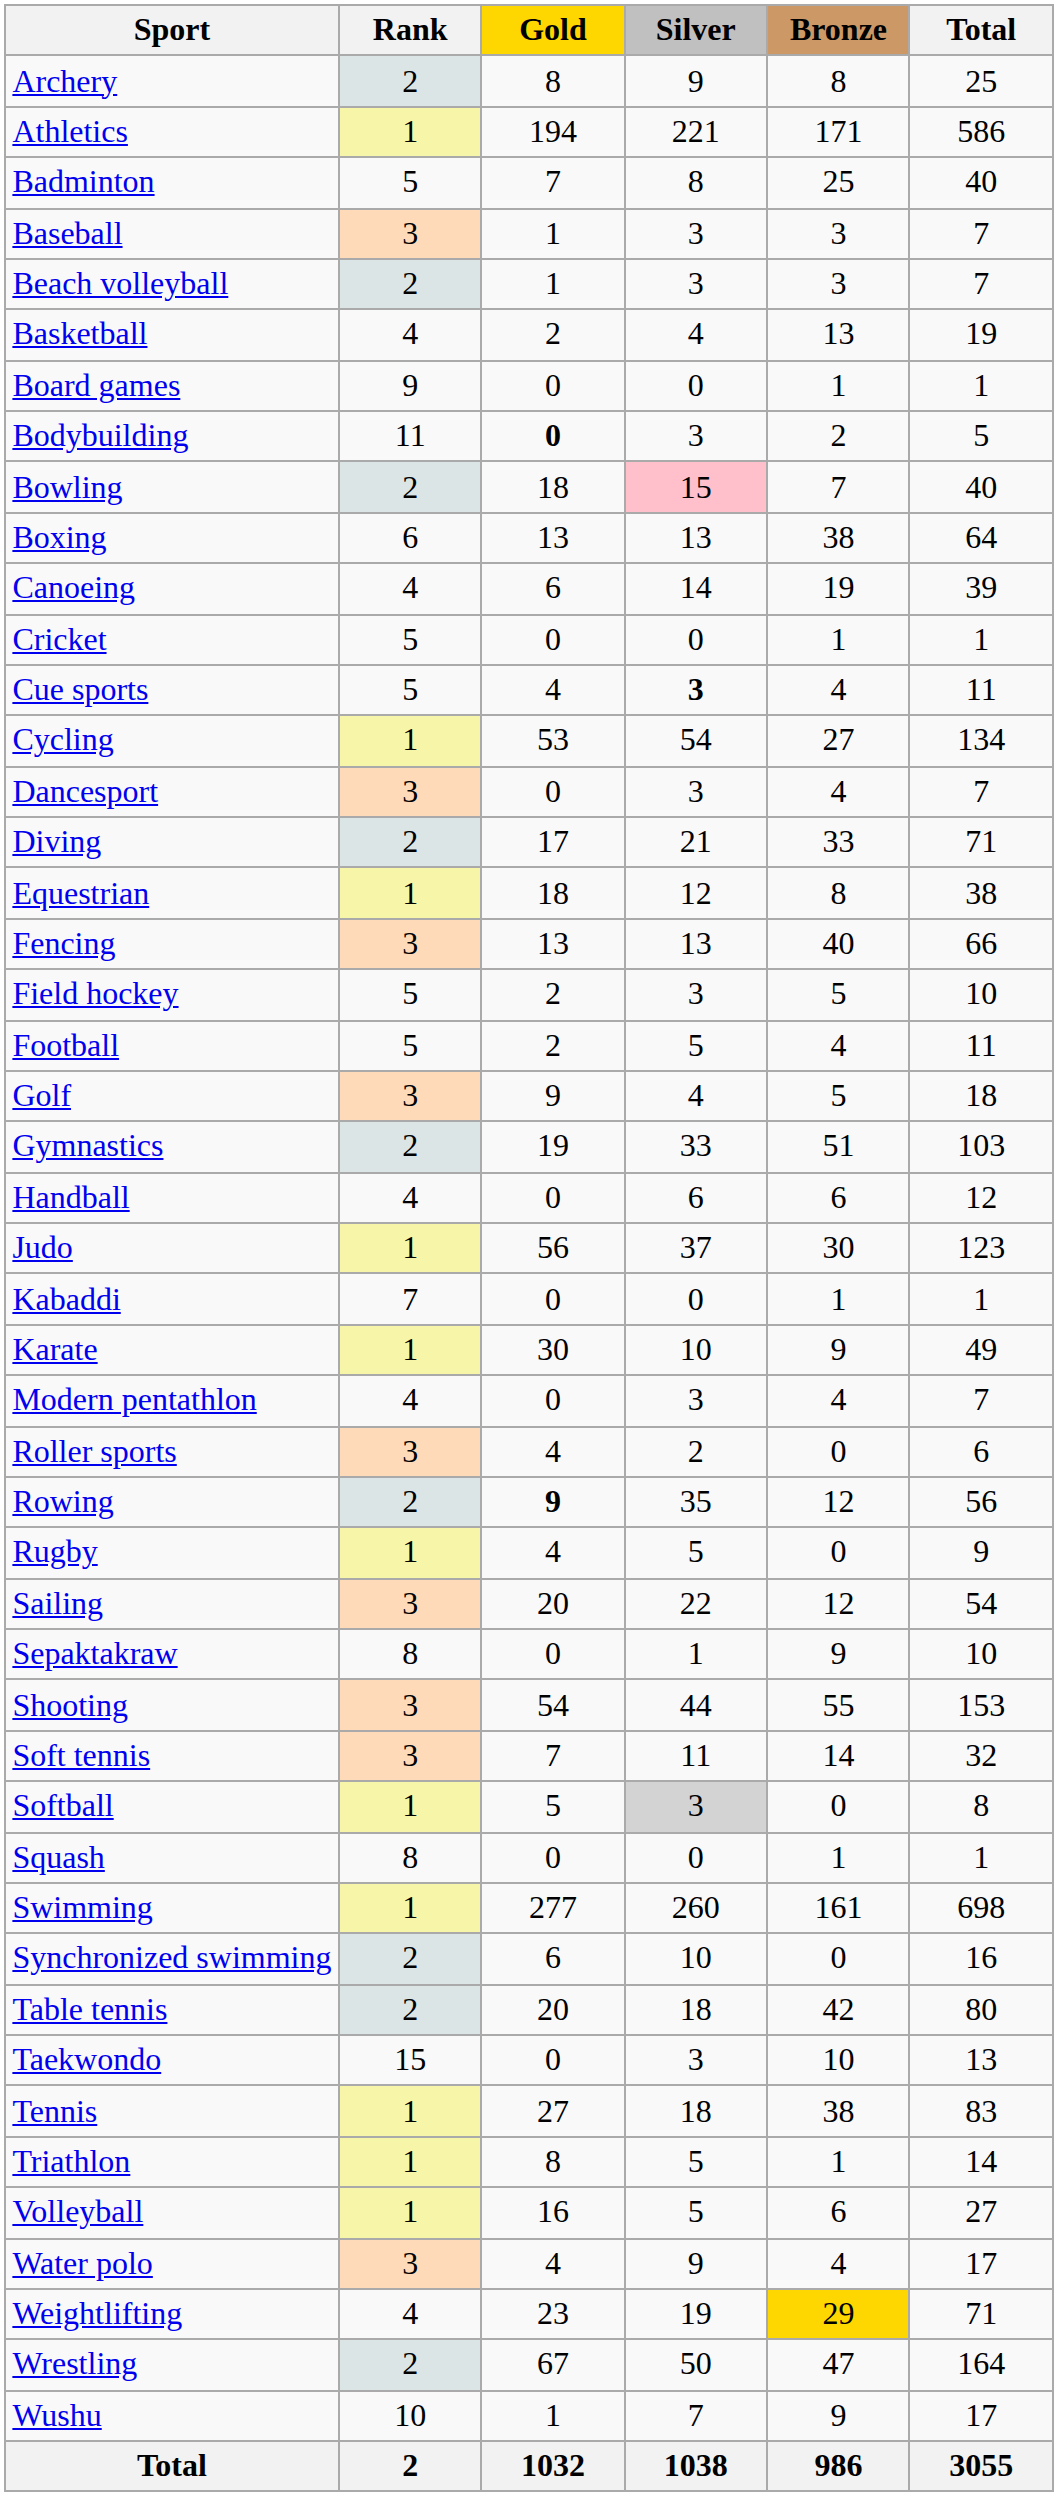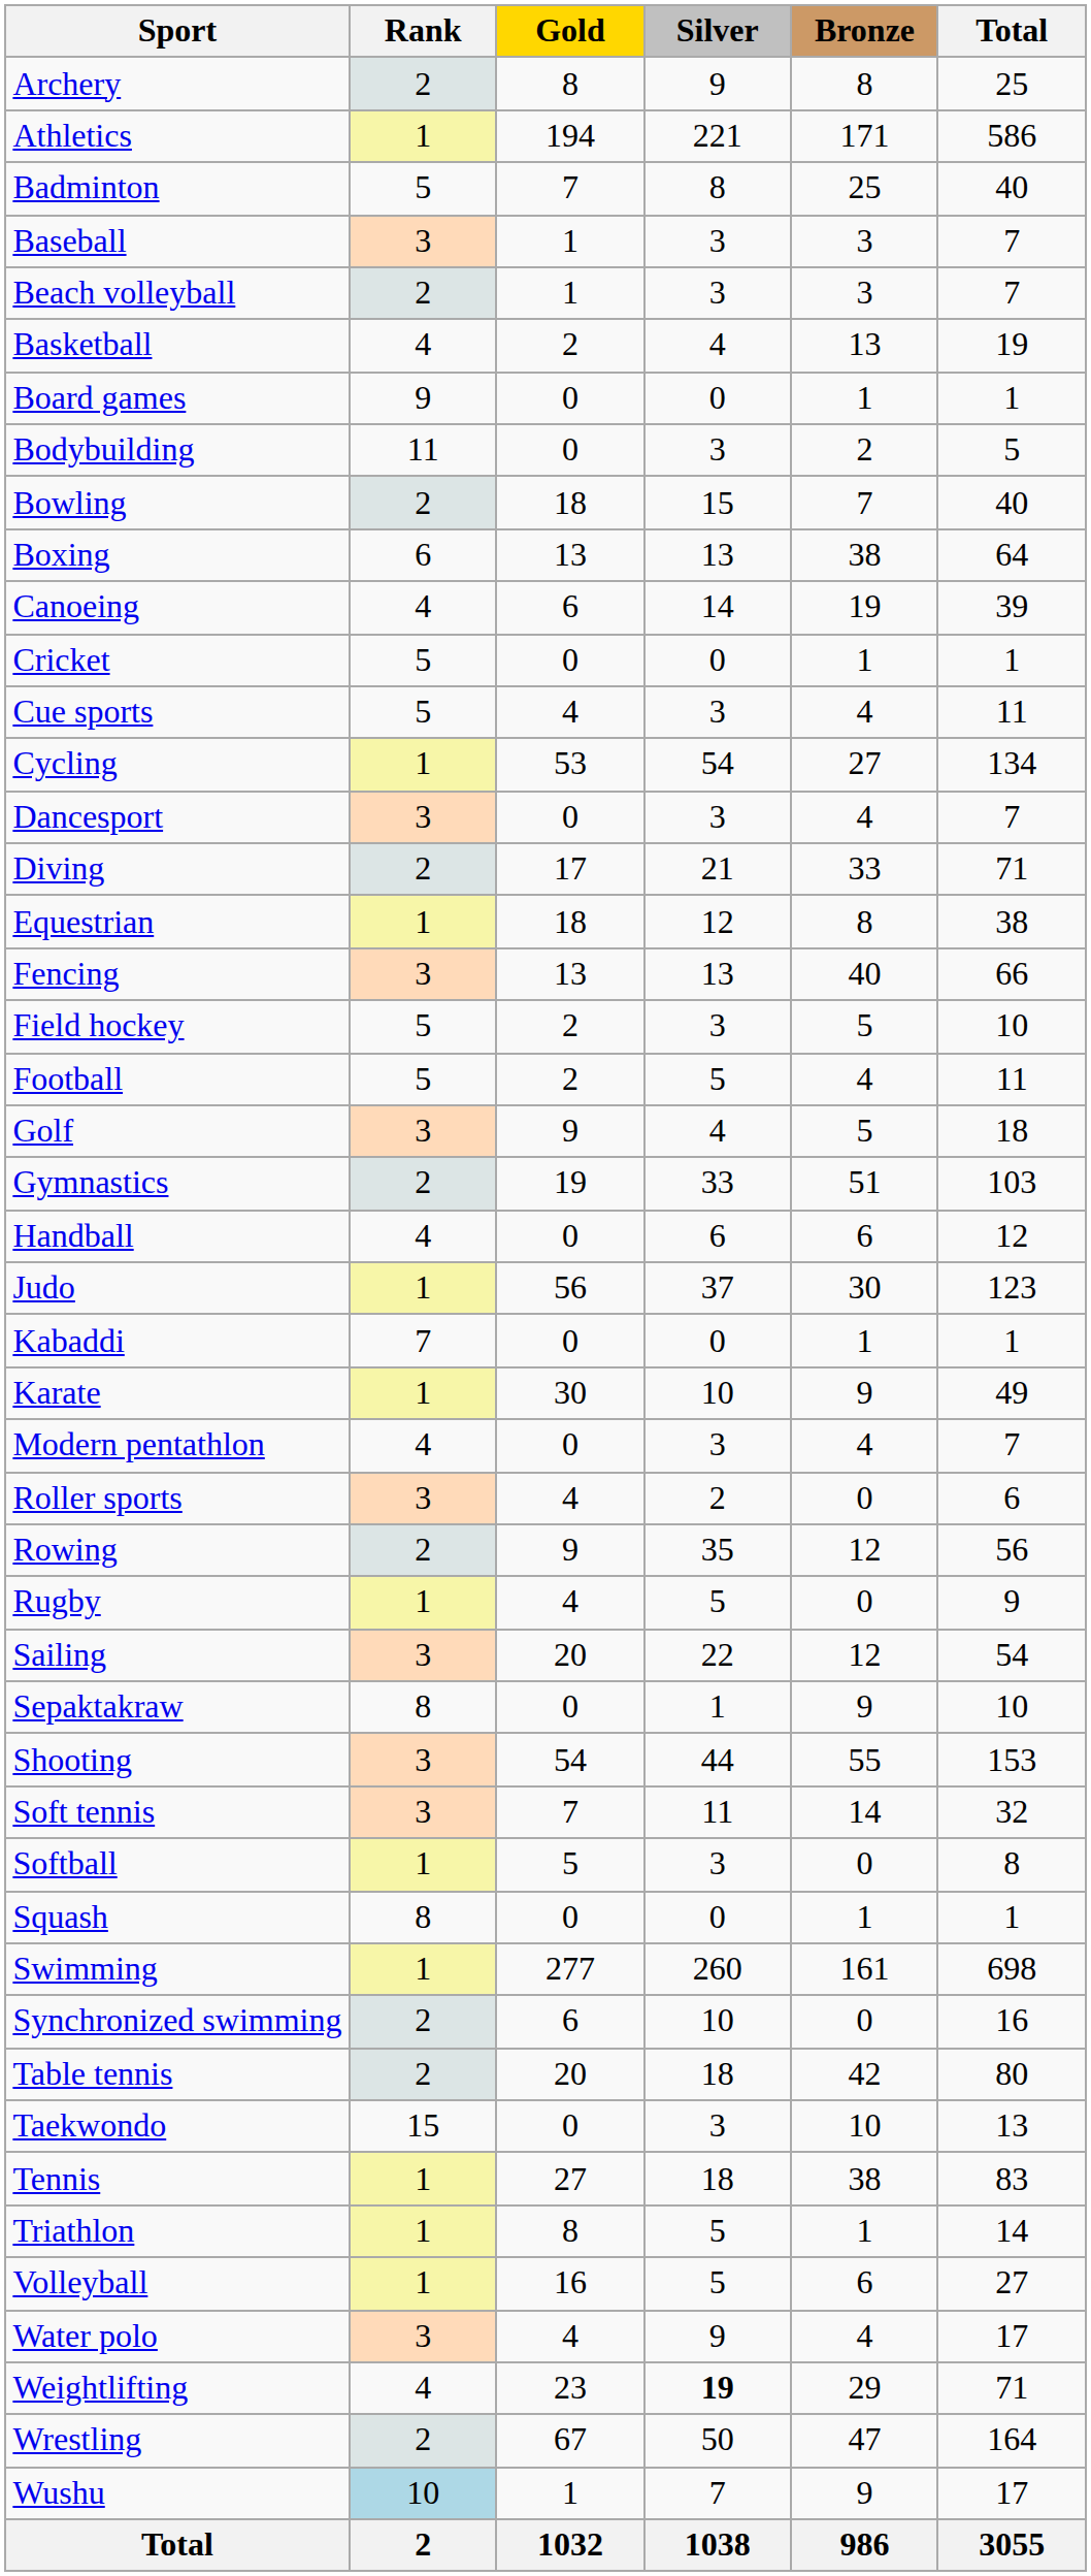 <table class="wikitable sortable" style="margin-top:0em; text-align:center; font-size:100%;">
 <tr>
 <th>Sport</th>
 <th style="width:4em;">Rank</th>
 <th style="background:gold; width:4em;"><strong>Gold</strong></th>
 <th style="background:silver; width:4em;"><strong>Silver</strong></th>
 <th style="background:#cc9966; width:4em;"><strong>Bronze</strong></th>
 <th style="width:4em;">Total</th>
 </tr>
 <tr>
 <td align=left> <a href='#'>Archery</a></td>
 <td bgcolor=dce5e5>2</td>
 <td>8</td>
 <td>9</td>
 <td>8</td>
 <td>25</td>
 </tr>
 <tr>
 <td align=left> <a href='#'>Athletics</a></td>
 <td bgcolor=f7f6a8>1</td>
 <td>194</td>
 <td>221</td>
 <td>171</td>
 <td>586</td>
 </tr>
 <tr>
 <td align=left> <a href='#'>Badminton</a></td>
 <td>5</td>
 <td>7</td>
 <td>8</td>
 <td>25</td>
 <td>40</td>
 </tr>
 <tr>
 <td align=left> <a href='#'>Baseball</a></td>
 <td bgcolor=ffdab9>3</td>
 <td>1</td>
 <td>3</td>
 <td>3</td>
 <td>7</td>
 </tr>
 <tr>
 <td align=left> <a href='#'>Beach volleyball</a></td>
 <td bgcolor=dce5e5>2</td>
 <td>1</td>
 <td>3</td>
 <td>3</td>
 <td>7</td>
 </tr>
 <tr>
 <td align=left> <a href='#'>Basketball</a></td>
 <td>4</td>
 <td>2</td>
 <td>4</td>
 <td>13</td>
 <td>19</td>
 </tr>
 <tr>
 <td align=left> <a href='#'>Board games</a></td>
 <td>9</td>
 <td>0</td>
 <td>0</td>
 <td>1</td>
 <td>1</td>
 </tr>
 <tr>
 <td align=left> <a href='#'>Bodybuilding</a></td>
 <td>11</td>
-<td><strong>0</strong></td>
+<td>0</td>
 <td>3</td>
 <td>2</td>
 <td>5</td>
 </tr>
 <tr>
 <td align=left> <a href='#'>Bowling</a></td>
 <td bgcolor=dce5e5>2</td>
 <td>18</td>
-<td style="background: pink;">15</td>
+<td>15</td>
 <td>7</td>
 <td>40</td>
 </tr>
 <tr>
 <td align=left> <a href='#'>Boxing</a></td>
 <td>6</td>
 <td>13</td>
 <td>13</td>
 <td>38</td>
 <td>64</td>
 </tr>
 <tr>
 <td align=left> <a href='#'>Canoeing</a></td>
 <td>4</td>
 <td>6</td>
 <td>14</td>
 <td>19</td>
 <td>39</td>
 </tr>
 <tr>
 <td align=left> <a href='#'>Cricket</a></td>
 <td>5</td>
 <td>0</td>
 <td>0</td>
 <td>1</td>
 <td>1</td>
 </tr>
 <tr>
 <td align=left> <a href='#'>Cue sports</a></td>
 <td>5</td>
 <td>4</td>
-<td><strong>3</strong></td>
+<td>3</td>
 <td>4</td>
 <td>11</td>
 </tr>
 <tr>
 <td align=left> <a href='#'>Cycling</a></td>
 <td bgcolor=f7f6a8>1</td>
 <td>53</td>
 <td>54</td>
 <td>27</td>
 <td>134</td>
 </tr>
 <tr>
 <td align=left> <a href='#'>Dancesport</a></td>
 <td bgcolor=ffdab9>3</td>
 <td>0</td>
 <td>3</td>
 <td>4</td>
 <td>7</td>
 </tr>
 <tr>
 <td align=left> <a href='#'>Diving</a></td>
 <td bgcolor=dce5e5>2</td>
 <td>17</td>
 <td>21</td>
 <td>33</td>
 <td>71</td>
 </tr>
 <tr>
 <td align=left> <a href='#'>Equestrian</a></td>
 <td bgcolor=f7f6a8>1</td>
 <td>18</td>
 <td>12</td>
 <td>8</td>
 <td>38</td>
 </tr>
 <tr>
 <td align=left> <a href='#'>Fencing</a></td>
 <td bgcolor=ffdab9>3</td>
 <td>13</td>
 <td>13</td>
 <td>40</td>
 <td>66</td>
 </tr>
 <tr>
 <td align=left> <a href='#'>Field hockey</a></td>
 <td>5</td>
 <td>2</td>
 <td>3</td>
 <td>5</td>
 <td>10</td>
 </tr>
 <tr>
 <td align=left> <a href='#'>Football</a></td>
 <td>5</td>
 <td>2</td>
 <td>5</td>
 <td>4</td>
 <td>11</td>
 </tr>
 <tr>
 <td align=left> <a href='#'>Golf</a></td>
 <td bgcolor=ffdab9>3</td>
 <td>9</td>
 <td>4</td>
 <td>5</td>
 <td>18</td>
 </tr>
 <tr>
 <td align=left> <a href='#'>Gymnastics</a></td>
 <td bgcolor=dce5e5>2</td>
 <td>19</td>
 <td>33</td>
 <td>51</td>
 <td>103</td>
 </tr>
 <tr>
 <td align=left> <a href='#'>Handball</a></td>
 <td>4</td>
 <td>0</td>
 <td>6</td>
 <td>6</td>
 <td>12</td>
 </tr>
 <tr>
 <td align=left> <a href='#'>Judo</a></td>
 <td bgcolor=f7f6a8>1</td>
 <td>56</td>
 <td>37</td>
 <td>30</td>
 <td>123</td>
 </tr>
 <tr>
 <td align=left> <a href='#'>Kabaddi</a></td>
 <td>7</td>
 <td>0</td>
 <td>0</td>
 <td>1</td>
 <td>1</td>
 </tr>
 <tr>
 <td align=left> <a href='#'>Karate</a></td>
 <td bgcolor=f7f6a8>1</td>
 <td>30</td>
 <td>10</td>
 <td>9</td>
 <td>49</td>
 </tr>
 <tr>
 <td align=left> <a href='#'>Modern pentathlon</a></td>
 <td>4</td>
 <td>0</td>
 <td>3</td>
 <td>4</td>
 <td>7</td>
 </tr>
 <tr>
 <td align=left> <a href='#'>Roller sports</a></td>
 <td bgcolor=ffdab9>3</td>
 <td>4</td>
 <td>2</td>
 <td>0</td>
 <td>6</td>
 </tr>
 <tr>
 <td align=left> <a href='#'>Rowing</a></td>
 <td bgcolor=dce5e5>2</td>
-<td><strong>9</strong></td>
+<td>9</td>
 <td>35</td>
 <td>12</td>
 <td>56</td>
 </tr>
 <tr>
 <td align=left> <a href='#'>Rugby</a></td>
 <td bgcolor=f7f6a8>1</td>
 <td>4</td>
 <td>5</td>
 <td>0</td>
 <td>9</td>
 </tr>
 <tr>
 <td align=left> <a href='#'>Sailing</a></td>
 <td bgcolor=ffdab9>3</td>
 <td>20</td>
 <td>22</td>
 <td>12</td>
 <td>54</td>
 </tr>
 <tr>
 <td align=left> <a href='#'>Sepaktakraw</a></td>
 <td>8</td>
 <td>0</td>
 <td>1</td>
 <td>9</td>
 <td>10</td>
 </tr>
 <tr>
 <td align=left> <a href='#'>Shooting</a></td>
 <td bgcolor=ffdab9>3</td>
 <td>54</td>
 <td>44</td>
 <td>55</td>
 <td>153</td>
 </tr>
 <tr>
 <td align=left> <a href='#'>Soft tennis</a></td>
 <td bgcolor=ffdab9>3</td>
 <td>7</td>
 <td>11</td>
 <td>14</td>
 <td>32</td>
 </tr>
 <tr>
 <td align=left> <a href='#'>Softball</a></td>
 <td bgcolor=f7f6a8>1</td>
 <td>5</td>
-<td style="background: lightgrey;">3</td>
+<td>3</td>
 <td>0</td>
 <td>8</td>
 </tr>
 <tr>
 <td align=left> <a href='#'>Squash</a></td>
 <td>8</td>
 <td>0</td>
 <td>0</td>
 <td>1</td>
 <td>1</td>
 </tr>
 <tr>
 <td align=left> <a href='#'>Swimming</a></td>
 <td bgcolor=f7f6a8>1</td>
 <td>277</td>
 <td>260</td>
 <td>161</td>
 <td>698</td>
 </tr>
 <tr>
 <td align=left> <a href='#'>Synchronized swimming</a></td>
 <td bgcolor=dce5e5>2</td>
 <td>6</td>
 <td>10</td>
 <td>0</td>
 <td>16</td>
 </tr>
 <tr>
 <td align=left> <a href='#'>Table tennis</a></td>
 <td bgcolor=dce5e5>2</td>
 <td>20</td>
 <td>18</td>
 <td>42</td>
 <td>80</td>
 </tr>
 <tr>
 <td align=left> <a href='#'>Taekwondo</a></td>
 <td>15</td>
 <td>0</td>
 <td>3</td>
 <td>10</td>
 <td>13</td>
 </tr>
 <tr>
 <td align=left> <a href='#'>Tennis</a></td>
 <td bgcolor=f7f6a8>1</td>
 <td>27</td>
 <td>18</td>
 <td>38</td>
 <td>83</td>
 </tr>
 <tr>
 <td align=left> <a href='#'>Triathlon</a></td>
 <td bgcolor=f7f6a8>1</td>
 <td>8</td>
 <td>5</td>
 <td>1</td>
 <td>14</td>
 </tr>
 <tr>
 <td align=left> <a href='#'>Volleyball</a></td>
 <td bgcolor=f7f6a8>1</td>
 <td>16</td>
 <td>5</td>
 <td>6</td>
 <td>27</td>
 </tr>
 <tr>
 <td align=left> <a href='#'>Water polo</a></td>
 <td bgcolor=ffdab9>3</td>
 <td>4</td>
 <td>9</td>
 <td>4</td>
 <td>17</td>
 </tr>
 <tr>
 <td align=left> <a href='#'>Weightlifting</a></td>
 <td>4</td>
 <td>23</td>
-<td>19</td>
-<td style="background: gold;">29</td>
+<td><strong>19</strong></td>
+<td>29</td>
 <td>71</td>
 </tr>
 <tr>
 <td align=left> <a href='#'>Wrestling</a></td>
 <td bgcolor=dce5e5>2</td>
 <td>67</td>
 <td>50</td>
 <td>47</td>
 <td>164</td>
 </tr>
 <tr>
 <td align=left> <a href='#'>Wushu</a></td>
-<td>10</td>
+<td style="background: lightblue;">10</td>
 <td>1</td>
 <td>7</td>
 <td>9</td>
 <td>17</td>
 </tr>
 <tr>
 <th>Total</th>
 <th>2</th>
 <th>1032</th>
 <th>1038</th>
 <th>986</th>
 <th>3055</th>
 </tr>
 </table>
